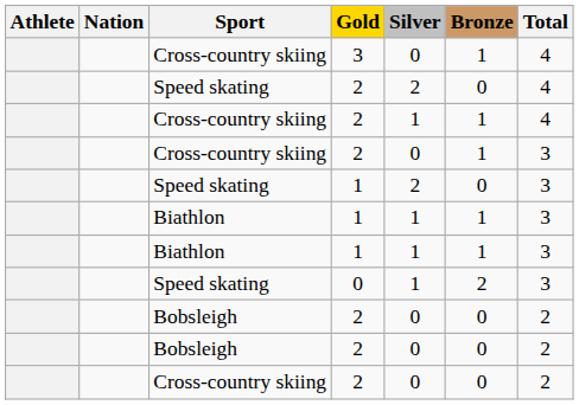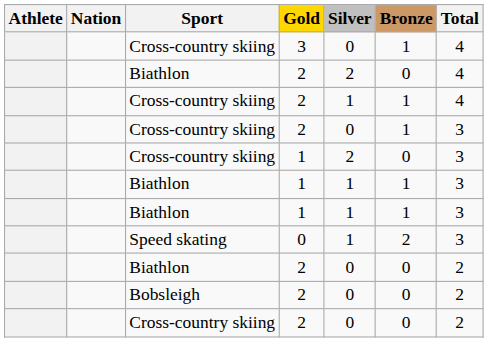 <table class="wikitable sortable plainrowheaders" style="text-align:center">
 <tr>
 <th scope=col>Athlete</th>
 <th scope=col>Nation</th>
 <th scope=col>Sport</th>
 <th scope=col style="background-color: gold"><strong>Gold</strong></th>
 <th scope=col style="background-color: silver"><strong>Silver</strong></th>
 <th scope=col style="background-color: #cc9966"><strong>Bronze</strong></th>
 <th scope=col>Total</th>
 </tr>
 <tr>
 <th scope=row align=left></th>
 <td align=left></td>
 <td align=left>Cross-country skiing</td>
 <td>3</td>
 <td>0</td>
 <td>1</td>
 <td>4</td>
 </tr>
 <tr>
 <th scope=row align=left></th>
 <td align=left></td>
-<td align=left>Speed skating</td>
+<td align=left>Biathlon</td>
 <td>2</td>
 <td>2</td>
 <td>0</td>
 <td>4</td>
 </tr>
 <tr>
 <th scope=row align=left></th>
 <td align=left></td>
 <td align=left>Cross-country skiing</td>
 <td>2</td>
 <td>1</td>
 <td>1</td>
 <td>4</td>
 </tr>
 <tr>
 <th scope=row align=left></th>
 <td align=left></td>
 <td align=left>Cross-country skiing</td>
 <td>2</td>
 <td>0</td>
 <td>1</td>
 <td>3</td>
 </tr>
 <tr>
 <th scope=row align=left></th>
 <td align=left></td>
-<td align=left>Speed skating</td>
+<td align=left>Cross-country skiing</td>
 <td>1</td>
 <td>2</td>
 <td>0</td>
 <td>3</td>
 </tr>
 <tr>
 <th scope=row align=left></th>
 <td align=left></td>
 <td align=left>Biathlon</td>
 <td>1</td>
 <td>1</td>
 <td>1</td>
 <td>3</td>
 </tr>
 <tr>
 <th scope=row align=left></th>
 <td align=left></td>
 <td align=left>Biathlon</td>
 <td>1</td>
 <td>1</td>
 <td>1</td>
 <td>3</td>
 </tr>
 <tr>
 <th scope=row align=left></th>
 <td align=left></td>
 <td align=left>Speed skating</td>
 <td>0</td>
 <td>1</td>
 <td>2</td>
 <td>3</td>
 </tr>
 <tr>
 <th scope=row align=left></th>
 <td align=left></td>
-<td align=left>Bobsleigh</td>
+<td align=left>Biathlon</td>
 <td>2</td>
 <td>0</td>
 <td>0</td>
 <td>2</td>
 </tr>
 <tr>
 <th scope=row align=left></th>
 <td align=left></td>
 <td align=left>Bobsleigh</td>
 <td>2</td>
 <td>0</td>
 <td>0</td>
 <td>2</td>
 </tr>
 <tr>
 <th scope=row align=left></th>
 <td align=left></td>
 <td align=left>Cross-country skiing</td>
 <td>2</td>
 <td>0</td>
 <td>0</td>
 <td>2</td>
 </tr>
 </table>
